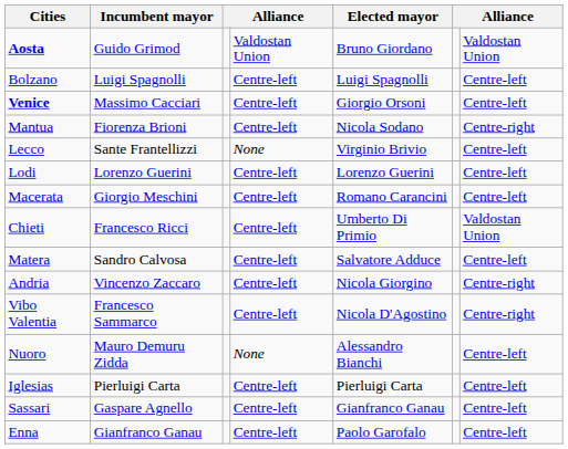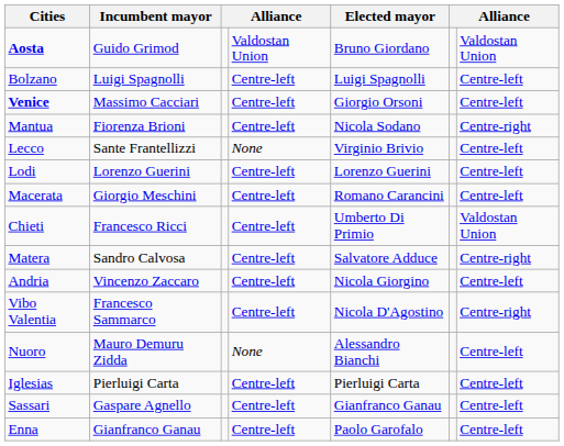 <table class="wikitable sortable centre">
 <tr>
 <th>Cities</th>
 <th>Incumbent mayor</th>
 <th colspan=2>Alliance</th>
 <th>Elected mayor</th>
 <th colspan=2>Alliance</th>
 </tr>
 <tr>
 <td><strong><a href='#'>Aosta</a></strong></td>
 <td><a href='#'>Guido Grimod</a></td>
 <td></td>
 <td><a href='#'>Valdostan Union</a></td>
 <td><a href='#'>Bruno Giordano</a></td>
 <td></td>
 <td><a href='#'>Valdostan Union</a></td>
 </tr>
 <tr>
 <td><a href='#'>Bolzano</a></td>
 <td><a href='#'>Luigi Spagnolli</a></td>
 <td></td>
 <td><a href='#'>Centre-left</a></td>
 <td><a href='#'>Luigi Spagnolli</a></td>
 <td></td>
 <td><a href='#'>Centre-left</a></td>
 </tr>
 <tr>
 <td><strong><a href='#'>Venice</a></strong></td>
 <td><a href='#'>Massimo Cacciari</a></td>
 <td></td>
 <td><a href='#'>Centre-left</a></td>
 <td><a href='#'>Giorgio Orsoni</a></td>
 <td></td>
 <td><a href='#'>Centre-left</a></td>
 </tr>
 <tr>
 <td><a href='#'>Mantua</a></td>
 <td><a href='#'>Fiorenza Brioni</a></td>
 <td></td>
 <td><a href='#'>Centre-left</a></td>
 <td><a href='#'>Nicola Sodano</a></td>
 <td></td>
 <td><a href='#'>Centre-right</a></td>
 </tr>
 <tr>
 <td><a href='#'>Lecco</a></td>
 <td>Sante Frantellizzi</td>
 <td bgcolor=></td>
 <td><em>None</em></td>
 <td><a href='#'>Virginio Brivio</a></td>
 <td></td>
 <td><a href='#'>Centre-left</a></td>
 </tr>
 <tr>
 <td><a href='#'>Lodi</a></td>
 <td><a href='#'>Lorenzo Guerini</a></td>
 <td></td>
 <td><a href='#'>Centre-left</a></td>
 <td><a href='#'>Lorenzo Guerini</a></td>
 <td></td>
 <td><a href='#'>Centre-left</a></td>
 </tr>
 <tr>
 <td><a href='#'>Macerata</a></td>
 <td><a href='#'>Giorgio Meschini</a></td>
 <td></td>
 <td><a href='#'>Centre-left</a></td>
 <td><a href='#'>Romano Carancini</a></td>
 <td></td>
 <td><a href='#'>Centre-left</a></td>
 </tr>
 <tr>
 <td><a href='#'>Chieti</a></td>
 <td><a href='#'>Francesco Ricci</a></td>
 <td></td>
 <td><a href='#'>Centre-left</a></td>
 <td><a href='#'>Umberto Di Primio</a></td>
 <td></td>
 <td><a href='#'>Valdostan Union</a></td>
 </tr>
 <tr>
 <td><a href='#'>Matera</a></td>
 <td>Sandro Calvosa</td>
 <td bgcolor=></td>
 <td><a href='#'>Centre-left</a></td>
 <td><a href='#'>Salvatore Adduce</a></td>
 <td></td>
-<td><a href='#'>Centre-left</a></td>
+<td><a href='#'>Centre-right</a></td>
 </tr>
 <tr>
 <td><a href='#'>Andria</a></td>
 <td><a href='#'>Vincenzo Zaccaro</a></td>
 <td></td>
 <td><a href='#'>Centre-left</a></td>
 <td><a href='#'>Nicola Giorgino</a></td>
 <td></td>
-<td><a href='#'>Centre-right</a></td>
+<td><a href='#'>Centre-left</a></td>
 </tr>
 <tr>
 <td><a href='#'>Vibo Valentia</a></td>
 <td><a href='#'>Francesco Sammarco</a></td>
 <td></td>
 <td><a href='#'>Centre-left</a></td>
 <td><a href='#'>Nicola D'Agostino</a></td>
 <td></td>
 <td><a href='#'>Centre-right</a></td>
 </tr>
 <tr>
 <td><a href='#'>Nuoro</a></td>
 <td><a href='#'>Mauro Demuru Zidda</a></td>
 <td></td>
 <td><em>None</em></td>
 <td><a href='#'>Alessandro Bianchi</a></td>
 <td></td>
 <td><a href='#'>Centre-left</a></td>
 </tr>
 <tr>
 <td><a href='#'>Iglesias</a></td>
 <td>Pierluigi Carta</td>
 <td></td>
 <td><a href='#'>Centre-left</a></td>
 <td>Pierluigi Carta</td>
 <td></td>
 <td><a href='#'>Centre-left</a></td>
 </tr>
 <tr>
 <td><a href='#'>Sassari</a></td>
 <td><a href='#'>Gaspare Agnello</a></td>
 <td></td>
 <td><a href='#'>Centre-left</a></td>
 <td><a href='#'>Gianfranco Ganau</a></td>
 <td></td>
 <td><a href='#'>Centre-left</a></td>
 </tr>
 <tr>
 <td><a href='#'>Enna</a></td>
 <td><a href='#'>Gianfranco Ganau</a></td>
 <td></td>
 <td><a href='#'>Centre-left</a></td>
 <td><a href='#'>Paolo Garofalo</a></td>
 <td></td>
 <td><a href='#'>Centre-left</a></td>
 </tr>
 </table>
